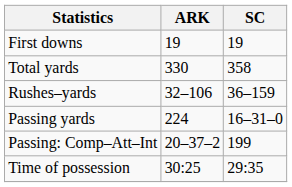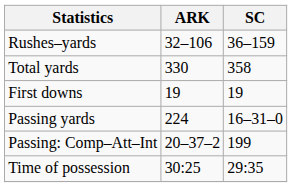 <table class="wikitable" style="float: left;">
 <tr>
 <th>Statistics</th>
 <th>ARK</th>
 <th>SC</th>
 </tr>
 <tr>
-<td>First downs</td>
-<td>19</td>
-<td>19</td>
+<td>Rushes–yards</td>
+<td>32–106</td>
+<td>36–159</td>
 </tr>
 <tr>
 <td>Total yards</td>
 <td>330</td>
 <td>358</td>
 </tr>
 <tr>
-<td>Rushes–yards</td>
-<td>32–106</td>
-<td>36–159</td>
+<td>First downs</td>
+<td>19</td>
+<td>19</td>
 </tr>
 <tr>
 <td>Passing yards</td>
 <td>224</td>
 <td>16–31–0</td>
 </tr>
 <tr>
 <td>Passing: Comp–Att–Int</td>
 <td>20–37–2</td>
 <td>199</td>
 </tr>
 <tr>
 <td>Time of possession</td>
 <td>30:25</td>
 <td>29:35</td>
 </tr>
 <tr>
 </tr>
 </table>
